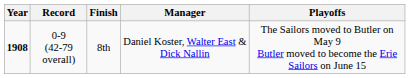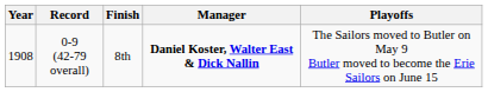 <table class="wikitable">
 <tr>
 <th>Year</th>
 <th>Record</th>
 <th>Finish</th>
 <th>Manager</th>
 <th>Playoffs</th>
 </tr>
 <tr align=center>
-<td><strong>1908</strong></td>
+<td>1908</td>
 <td>0-9<br>(42-79 overall)</td>
 <td>8th</td>
-<td>Daniel Koster, <a href='#'>Walter East</a> & <a href='#'>Dick Nallin</a></td>
+<td><strong>Daniel Koster, <a href='#'>Walter East</a> & <a href='#'>Dick Nallin</a></strong></td>
 <td>The Sailors moved to Butler on May 9 <br> <a href='#'>Butler</a> moved to become the <a href='#'>Erie Sailors</a> on June 15</td>
 </tr>
 </table>
